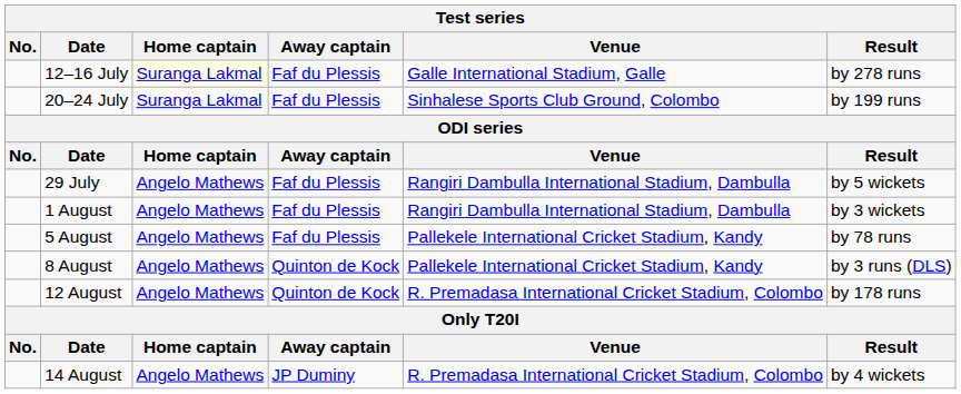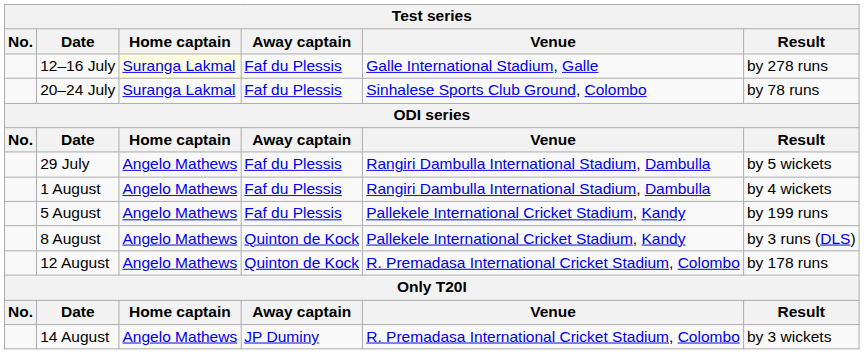 <table class="wikitable">
 <tr>
 <th colspan="9">Test series</th>
 </tr>
 <tr>
 <th>No.</th>
 <th>Date</th>
 <th>Home captain</th>
 <th>Away captain</th>
 <th>Venue</th>
 <th>Result</th>
 </tr>
 <tr>
 <td></td>
 <td>12–16 July</td>
 <td style="background: lightyellow;"><a href='#'>Suranga Lakmal</a></td>
 <td><a href='#'>Faf du Plessis</a></td>
 <td><a href='#'>Galle International Stadium</a>, <a href='#'>Galle</a></td>
 <td> by 278 runs</td>
 </tr>
 <tr>
 <td></td>
 <td>20–24 July</td>
 <td><a href='#'>Suranga Lakmal</a></td>
 <td><a href='#'>Faf du Plessis</a></td>
 <td><a href='#'>Sinhalese Sports Club Ground</a>, <a href='#'>Colombo</a></td>
-<td> by 199 runs</td>
+<td> by 78 runs</td>
 </tr>
 <tr>
 <th colspan="9">ODI series</th>
 </tr>
 <tr>
 <th>No.</th>
 <th>Date</th>
 <th>Home captain</th>
 <th>Away captain</th>
 <th>Venue</th>
 <th>Result</th>
 </tr>
 <tr>
 <td></td>
 <td>29 July</td>
 <td><a href='#'>Angelo Mathews</a></td>
 <td><a href='#'>Faf du Plessis</a></td>
 <td><a href='#'>Rangiri Dambulla International Stadium</a>, <a href='#'>Dambulla</a></td>
 <td> by 5 wickets</td>
 </tr>
 <tr>
 <td></td>
 <td>1 August</td>
 <td><a href='#'>Angelo Mathews</a></td>
 <td><a href='#'>Faf du Plessis</a></td>
 <td><a href='#'>Rangiri Dambulla International Stadium</a>, <a href='#'>Dambulla</a></td>
-<td> by 3 wickets</td>
+<td> by 4 wickets</td>
 </tr>
 <tr>
 <td></td>
 <td>5 August</td>
 <td><a href='#'>Angelo Mathews</a></td>
 <td><a href='#'>Faf du Plessis</a></td>
 <td><a href='#'>Pallekele International Cricket Stadium</a>, <a href='#'>Kandy</a></td>
-<td> by 78 runs</td>
+<td> by 199 runs</td>
 </tr>
 <tr>
 <td></td>
 <td>8 August</td>
 <td><a href='#'>Angelo Mathews</a></td>
 <td><a href='#'>Quinton de Kock</a></td>
 <td><a href='#'>Pallekele International Cricket Stadium</a>, <a href='#'>Kandy</a></td>
 <td> by 3 runs (<a href='#'>DLS</a>)</td>
 </tr>
 <tr>
 <td></td>
 <td>12 August</td>
 <td><a href='#'>Angelo Mathews</a></td>
 <td><a href='#'>Quinton de Kock</a></td>
 <td><a href='#'>R. Premadasa International Cricket Stadium</a>, <a href='#'>Colombo</a></td>
 <td> by 178 runs</td>
 </tr>
 <tr>
 <th colspan="9">Only T20I</th>
 </tr>
 <tr>
 <th>No.</th>
 <th>Date</th>
 <th>Home captain</th>
 <th>Away captain</th>
 <th>Venue</th>
 <th>Result</th>
 </tr>
 <tr>
 <td></td>
 <td>14 August</td>
 <td><a href='#'>Angelo Mathews</a></td>
 <td><a href='#'>JP Duminy</a></td>
 <td><a href='#'>R. Premadasa International Cricket Stadium</a>, <a href='#'>Colombo</a></td>
-<td> by 4 wickets</td>
+<td> by 3 wickets</td>
 </tr>
 </table>
